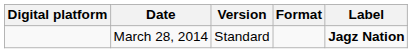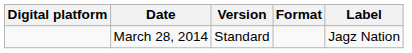 <table class="wikitable">
 <tr>
 <th>Digital platform</th>
 <th>Date</th>
 <th>Version</th>
 <th>Format</th>
 <th>Label</th>
 </tr>
 <tr>
 <td></td>
 <td>March 28, 2014</td>
 <td rowspan="2">Standard</td>
 <td></td>
-<td><strong>Jagz Nation</strong></td>
+<td>Jagz Nation</td>
 </tr>
 </table>
